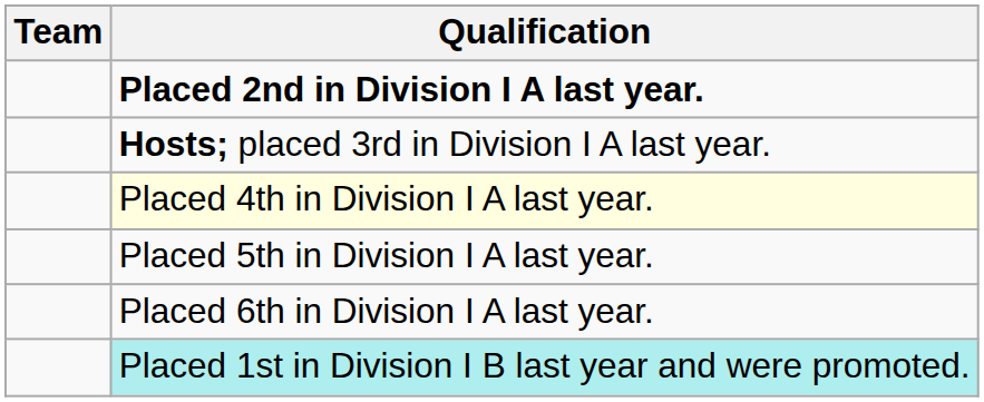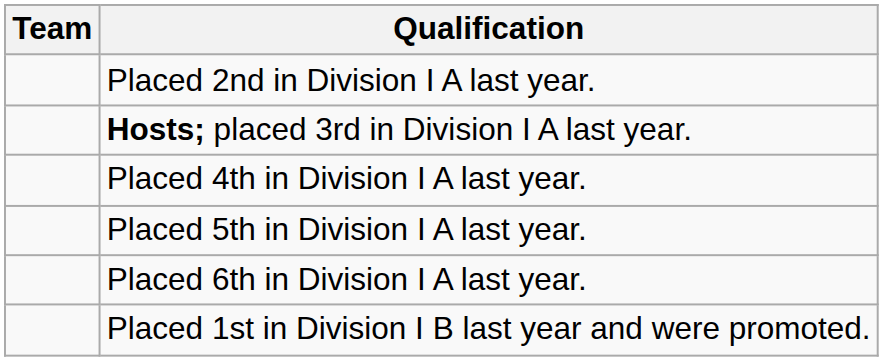 <table class="wikitable">
 <tr>
 <th>Team</th>
 <th>Qualification</th>
 </tr>
 <tr>
 <td></td>
-<td><strong>Placed 2nd in Division I A last year.</strong></td>
+<td>Placed 2nd in Division I A last year.</td>
 </tr>
 <tr>
 <td></td>
 <td><strong>Hosts;</strong> placed 3rd in Division I A last year.</td>
 </tr>
 <tr>
 <td></td>
-<td style="background: lightyellow;">Placed 4th in Division I A last year.</td>
+<td>Placed 4th in Division I A last year.</td>
 </tr>
 <tr>
 <td></td>
 <td>Placed 5th in Division I A last year.</td>
 </tr>
 <tr>
 <td></td>
 <td>Placed 6th in Division I A last year.</td>
 </tr>
 <tr>
 <td></td>
-<td style="background: paleturquoise;">Placed 1st in Division I B last year and were promoted.</td>
+<td>Placed 1st in Division I B last year and were promoted.</td>
 </tr>
 </table>
